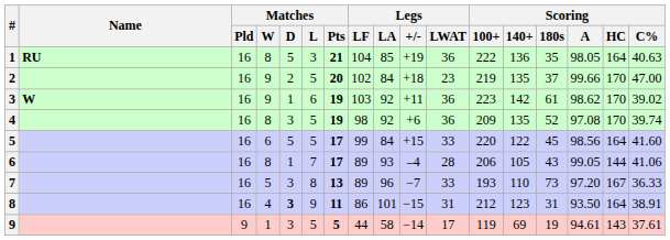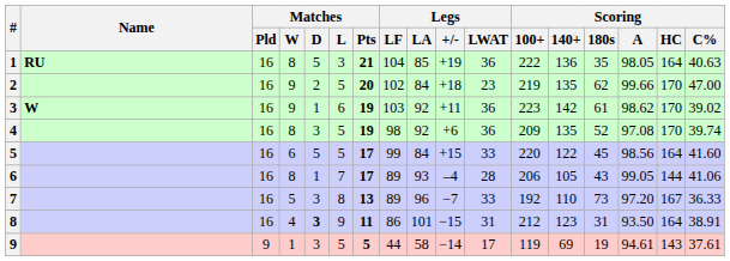 <table class="wikitable sortable" style="text-align:center;">
 <tr>
 <th rowspan=2 style="width:10px;" abbr="Position">#</th>
 <th rowspan=2 width=250>Name</th>
 <th colspan="5">Matches</th>
 <th colspan="4"><strong>Legs</strong></th>
 <th colspan="6"><strong>Scoring</strong></th>
 </tr>
 <tr>
 <th style="width:20px;" abbr="Played">Pld</th>
 <th style="width:20px;" abbr="Won">W</th>
 <th style="width:20px;" abbr="Drawn">D</th>
 <th style="width:20px;" abbr="Lost">L</th>
 <th style="width:20px;" abbr="Points">Pts</th>
 <th style="width:20px;" abbr="Legs For">LF</th>
 <th style="width:20px;" abbr="Legs Against">LA</th>
 <th style="width:20px;" abbr="Leg Difference">+/-</th>
 <th style="width:20px;" abbr="Legs Won Against Throw">LWAT</th>
 <th style="width:20px;" abbr="Tons">100+</th>
 <th style="width:20px;" abbr="140 Plus">140+</th>
 <th style="width:20px;" abbr="Maximums">180s</th>
 <th style="width:20px;" abbr="Average">A</th>
 <th style="width:20px;" abbr="High Checkout">HC</th>
 <th style="width:20px;" abbr="Checkout Percentage">C%</th>
 </tr>
 <tr style="background:#ccffcc;">
 <th>1</th>
 <td align=left> <strong>RU</strong></td>
 <td>16</td>
 <td>8</td>
 <td>5</td>
 <td>3</td>
 <td><strong>21</strong></td>
 <td>104</td>
 <td>85</td>
 <td>+19</td>
 <td>36</td>
 <td>222</td>
 <td>136</td>
 <td>35</td>
 <td>98.05</td>
 <td>164</td>
 <td>40.63</td>
 </tr>
 <tr style="background:#ccffcc;">
 <th>2</th>
 <td align=left></td>
 <td>16</td>
 <td>9</td>
 <td>2</td>
 <td>5</td>
 <td><strong>20</strong></td>
 <td>102</td>
 <td>84</td>
 <td>+18</td>
 <td>23</td>
 <td>219</td>
 <td>135</td>
-<td>37</td>
+<td>62</td>
 <td>99.66</td>
 <td>170</td>
 <td>47.00</td>
 </tr>
 <tr style="background:#ccffcc;">
 <th>3</th>
 <td align=left> <strong>W</strong></td>
 <td>16</td>
 <td>9</td>
 <td>1</td>
 <td>6</td>
 <td><strong>19</strong></td>
 <td>103</td>
 <td>92</td>
 <td>+11</td>
 <td>36</td>
 <td>223</td>
 <td>142</td>
 <td>61</td>
 <td>98.62</td>
 <td>170</td>
 <td>39.02</td>
 </tr>
 <tr style="background:#ccffcc;">
 <th>4</th>
 <td align=left></td>
 <td>16</td>
 <td>8</td>
 <td>3</td>
 <td>5</td>
 <td><strong>19</strong></td>
 <td>98</td>
 <td>92</td>
 <td>+6</td>
 <td>36</td>
 <td>209</td>
 <td>135</td>
 <td>52</td>
 <td>97.08</td>
 <td>170</td>
 <td>39.74</td>
 </tr>
 <tr style="background:#cccffc;">
 <th>5</th>
 <td align=left></td>
 <td>16</td>
 <td>6</td>
 <td>5</td>
 <td>5</td>
 <td><strong>17</strong></td>
 <td>99</td>
 <td>84</td>
 <td>+15</td>
 <td>33</td>
 <td>220</td>
 <td>122</td>
 <td>45</td>
 <td>98.56</td>
 <td>164</td>
 <td>41.60</td>
 </tr>
 <tr style="background:#cccffc;">
 <th>6</th>
 <td align=left></td>
 <td>16</td>
 <td>8</td>
 <td>1</td>
 <td>7</td>
 <td><strong>17</strong></td>
 <td>89</td>
 <td>93</td>
 <td>–4</td>
 <td>28</td>
 <td>206</td>
 <td>105</td>
 <td>43</td>
 <td>99.05</td>
 <td>144</td>
 <td>41.06</td>
 </tr>
 <tr style="background:#cccffc;">
 <th>7</th>
 <td align=left></td>
 <td>16</td>
 <td>5</td>
 <td>3</td>
 <td>8</td>
 <td><strong>13</strong></td>
 <td>89</td>
 <td>96</td>
 <td>−7</td>
 <td>33</td>
-<td>193</td>
+<td>192</td>
 <td>110</td>
 <td>73</td>
 <td>97.20</td>
 <td>167</td>
 <td>36.33</td>
 </tr>
 <tr style="background:#cccffc;">
 <th>8</th>
 <td align=left></td>
 <td>16</td>
 <td>4</td>
 <td><strong>3</strong></td>
 <td>9</td>
 <td><strong>11</strong></td>
 <td>86</td>
 <td>101</td>
 <td>−15</td>
 <td>31</td>
 <td>212</td>
 <td>123</td>
 <td>31</td>
 <td>93.50</td>
 <td>164</td>
 <td>38.91</td>
 </tr>
 <tr style="background:#fcc;">
 <th>9</th>
 <td align=left></td>
 <td>9</td>
 <td>1</td>
 <td>3</td>
 <td>5</td>
 <td><strong>5</strong></td>
 <td>44</td>
 <td>58</td>
 <td>−14</td>
 <td>17</td>
 <td>119</td>
 <td>69</td>
 <td>19</td>
 <td>94.61</td>
 <td>143</td>
 <td>37.61</td>
 </tr>
 </table>
